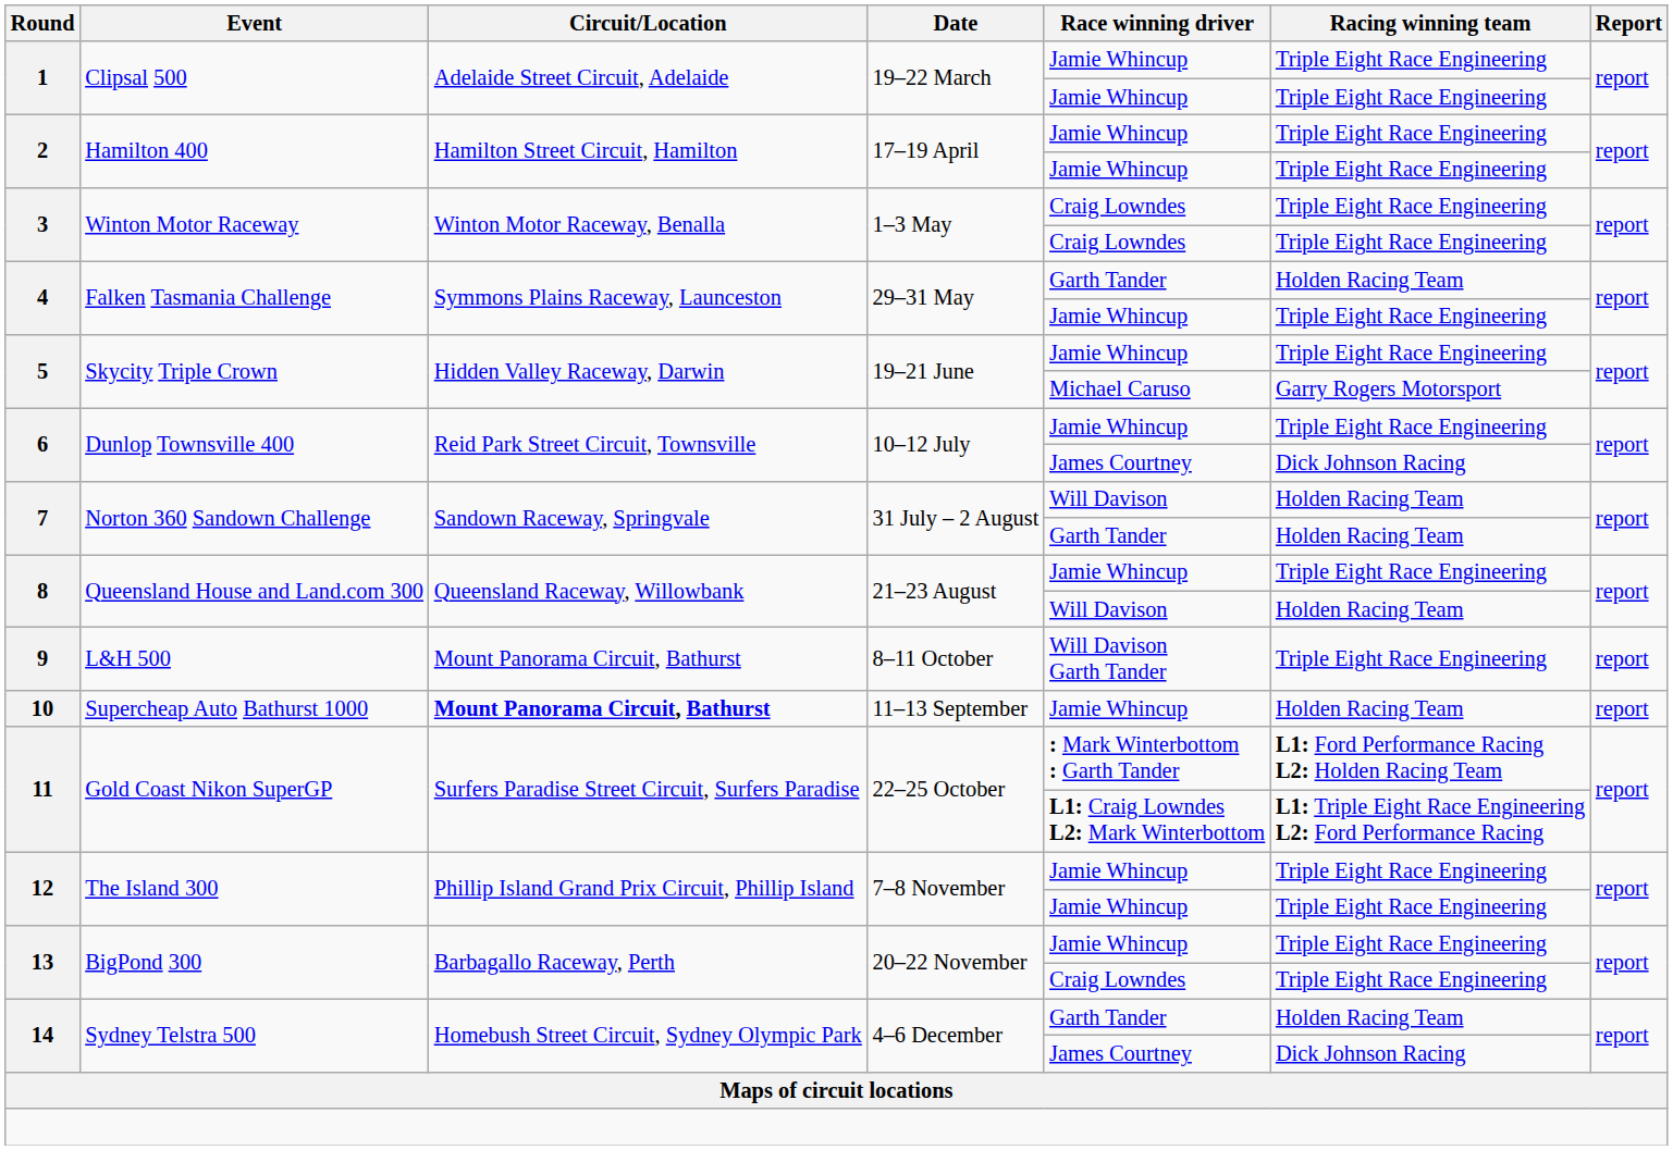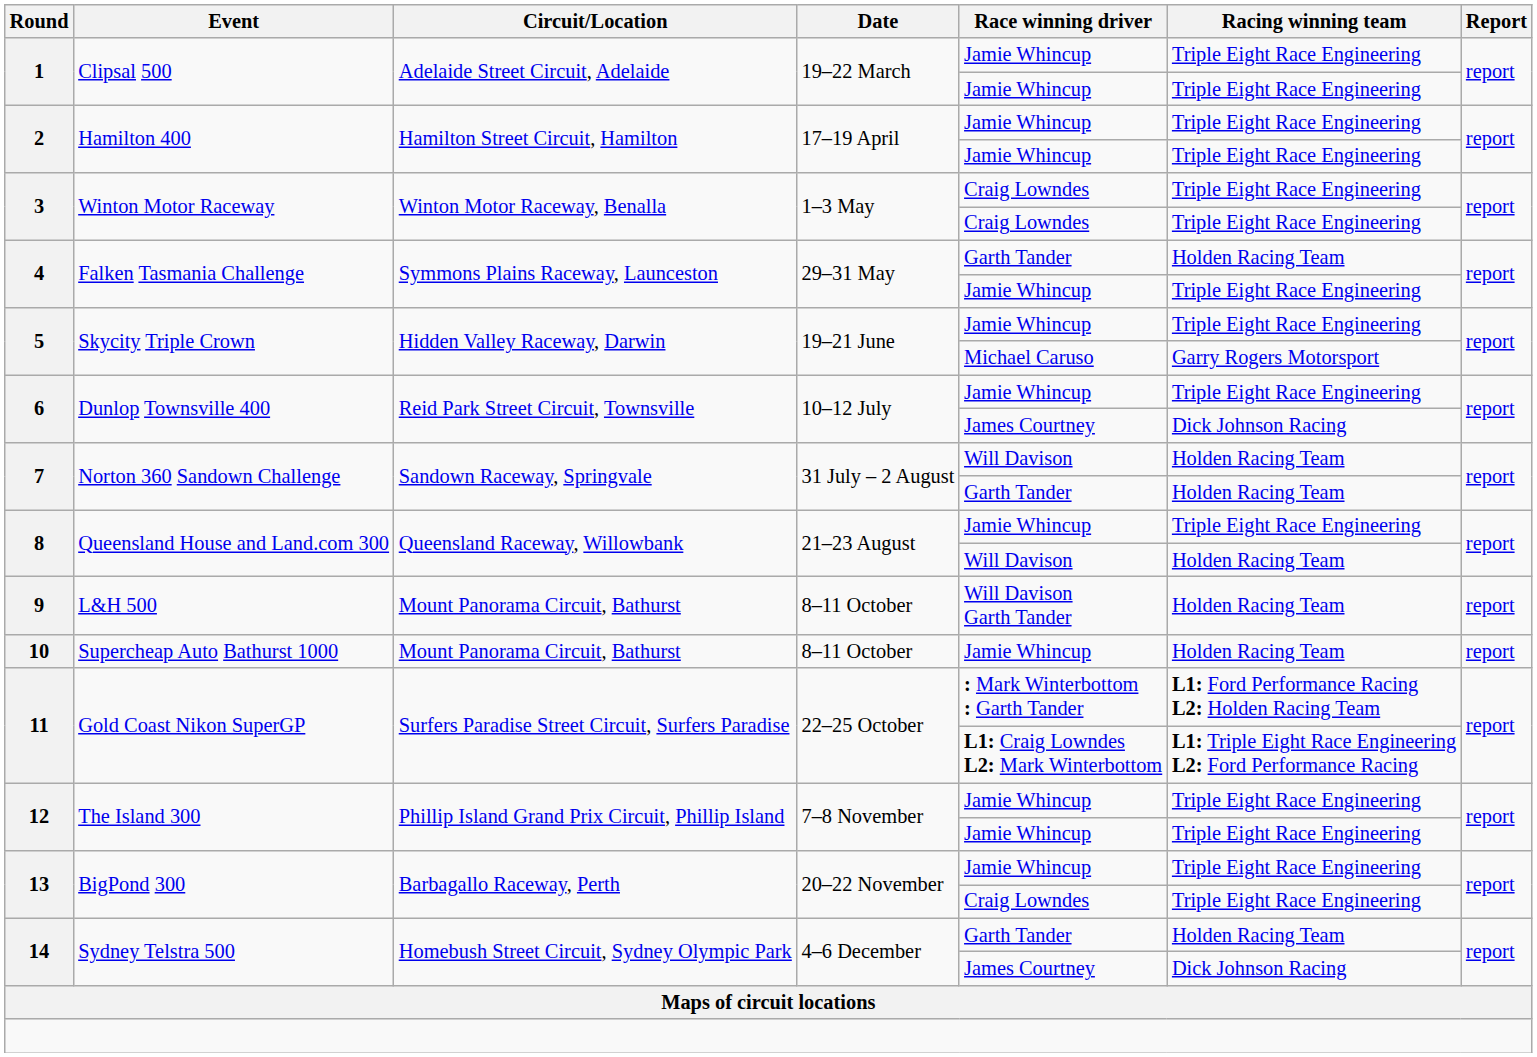 <table class="wikitable" style="font-size: 85%">
 <tr>
 <th>Round</th>
 <th>Event</th>
 <th>Circuit/Location</th>
 <th>Date</th>
 <th>Race winning driver</th>
 <th>Racing winning team</th>
 <th>Report</th>
 </tr>
 <tr>
 <th rowspan=2>1</th>
 <td rowspan=2> <a href='#'>Clipsal</a> <a href='#'>500</a></td>
 <td rowspan=2><a href='#'>Adelaide Street Circuit</a>, <a href='#'>Adelaide</a></td>
 <td rowspan=2>19–22 March</td>
 <td><a href='#'>Jamie Whincup</a></td>
 <td><a href='#'>Triple Eight Race Engineering</a></td>
 <td rowspan=2><a href='#'>report</a></td>
 </tr>
 <tr>
 <td><a href='#'>Jamie Whincup</a></td>
 <td><a href='#'>Triple Eight Race Engineering</a></td>
 </tr>
 <tr>
 <th rowspan=2>2</th>
 <td rowspan=2> <a href='#'>Hamilton 400</a></td>
 <td rowspan=2><a href='#'>Hamilton Street Circuit</a>, <a href='#'>Hamilton</a></td>
 <td rowspan=2>17–19 April</td>
 <td><a href='#'>Jamie Whincup</a></td>
 <td><a href='#'>Triple Eight Race Engineering</a></td>
 <td rowspan=2><a href='#'>report</a></td>
 </tr>
 <tr>
 <td><a href='#'>Jamie Whincup</a></td>
 <td><a href='#'>Triple Eight Race Engineering</a></td>
 </tr>
 <tr>
 <th rowspan=2>3</th>
 <td rowspan=2> <a href='#'>Winton Motor Raceway</a></td>
 <td rowspan=2><a href='#'>Winton Motor Raceway</a>, <a href='#'>Benalla</a></td>
 <td rowspan=2>1–3 May</td>
 <td><a href='#'>Craig Lowndes</a></td>
 <td><a href='#'>Triple Eight Race Engineering</a></td>
 <td rowspan=2><a href='#'>report</a></td>
 </tr>
 <tr>
 <td><a href='#'>Craig Lowndes</a></td>
 <td><a href='#'>Triple Eight Race Engineering</a></td>
 </tr>
 <tr>
 <th rowspan=2>4</th>
 <td rowspan=2> <a href='#'>Falken</a> <a href='#'>Tasmania Challenge</a></td>
 <td rowspan=2><a href='#'>Symmons Plains Raceway</a>, <a href='#'>Launceston</a></td>
 <td rowspan=2>29–31 May</td>
 <td><a href='#'>Garth Tander</a></td>
 <td><a href='#'>Holden Racing Team</a></td>
 <td rowspan=2><a href='#'>report</a></td>
 </tr>
 <tr>
 <td><a href='#'>Jamie Whincup</a></td>
 <td><a href='#'>Triple Eight Race Engineering</a></td>
 </tr>
 <tr>
 <th rowspan=2>5</th>
 <td rowspan=2> <a href='#'>Skycity</a> <a href='#'>Triple Crown</a></td>
 <td rowspan=2><a href='#'>Hidden Valley Raceway</a>, <a href='#'>Darwin</a></td>
 <td rowspan=2>19–21 June</td>
 <td><a href='#'>Jamie Whincup</a></td>
 <td><a href='#'>Triple Eight Race Engineering</a></td>
 <td rowspan=2><a href='#'>report</a></td>
 </tr>
 <tr>
 <td><a href='#'>Michael Caruso</a></td>
 <td><a href='#'>Garry Rogers Motorsport</a></td>
 </tr>
 <tr>
 <th rowspan=2>6</th>
 <td rowspan=2> <a href='#'>Dunlop</a> <a href='#'>Townsville 400</a></td>
 <td rowspan=2><a href='#'>Reid Park Street Circuit</a>, <a href='#'>Townsville</a></td>
 <td rowspan=2>10–12 July</td>
 <td><a href='#'>Jamie Whincup</a></td>
 <td><a href='#'>Triple Eight Race Engineering</a></td>
 <td rowspan=2><a href='#'>report</a></td>
 </tr>
 <tr>
 <td><a href='#'>James Courtney</a></td>
 <td><a href='#'>Dick Johnson Racing</a></td>
 </tr>
 <tr>
 <th rowspan=2>7</th>
 <td rowspan=2> <a href='#'>Norton 360</a> <a href='#'>Sandown Challenge</a></td>
 <td rowspan=2><a href='#'>Sandown Raceway</a>, <a href='#'>Springvale</a></td>
 <td rowspan=2>31 July – 2 August</td>
 <td><a href='#'>Will Davison</a></td>
 <td><a href='#'>Holden Racing Team</a></td>
 <td rowspan=2><a href='#'>report</a></td>
 </tr>
 <tr>
 <td><a href='#'>Garth Tander</a></td>
 <td><a href='#'>Holden Racing Team</a></td>
 </tr>
 <tr>
 <th rowspan=2>8</th>
 <td rowspan=2> <a href='#'>Queensland House and Land.com 300</a></td>
 <td rowspan=2><a href='#'>Queensland Raceway</a>, <a href='#'>Willowbank</a></td>
 <td rowspan=2>21–23 August</td>
 <td><a href='#'>Jamie Whincup</a></td>
 <td><a href='#'>Triple Eight Race Engineering</a></td>
 <td rowspan=2><a href='#'>report</a></td>
 </tr>
 <tr>
 <td><a href='#'>Will Davison</a></td>
 <td><a href='#'>Holden Racing Team</a></td>
 </tr>
 <tr>
 <th>9</th>
 <td> <a href='#'>L&H 500</a></td>
 <td><a href='#'>Mount Panorama Circuit</a>, <a href='#'>Bathurst</a></td>
 <td>8–11 October</td>
 <td><a href='#'>Will Davison</a><br><a href='#'>Garth Tander</a></td>
-<td><a href='#'>Triple Eight Race Engineering</a></td>
+<td><a href='#'>Holden Racing Team</a></td>
 <td><a href='#'>report</a></td>
 </tr>
 <tr>
 <th>10</th>
 <td> <a href='#'>Supercheap Auto</a> <a href='#'>Bathurst 1000</a></td>
-<td><strong><a href='#'>Mount Panorama Circuit</a>, <a href='#'>Bathurst</a></strong></td>
-<td>11–13 September</td>
+<td><a href='#'>Mount Panorama Circuit</a>, <a href='#'>Bathurst</a></td>
+<td>8–11 October</td>
 <td><a href='#'>Jamie Whincup</a></td>
 <td><a href='#'>Holden Racing Team</a></td>
 <td><a href='#'>report</a></td>
 </tr>
 <tr>
 <th rowspan=2>11</th>
 <td rowspan=2> <a href='#'>Gold Coast Nikon SuperGP</a></td>
 <td rowspan=2><a href='#'>Surfers Paradise Street Circuit</a>, <a href='#'>Surfers Paradise</a></td>
 <td rowspan=2>22–25 October</td>
 <td><strong>:</strong> <a href='#'>Mark Winterbottom</a><br><strong>:</strong> <a href='#'>Garth Tander</a></td>
 <td><strong>L1:</strong> <a href='#'>Ford Performance Racing</a><br><strong>L2:</strong> <a href='#'>Holden Racing Team</a></td>
 <td rowspan=2><a href='#'>report</a></td>
 </tr>
 <tr>
 <td><strong>L1:</strong> <a href='#'>Craig Lowndes</a><br><strong>L2:</strong> <a href='#'>Mark Winterbottom</a></td>
 <td><strong>L1:</strong> <a href='#'>Triple Eight Race Engineering</a><br><strong>L2:</strong> <a href='#'>Ford Performance Racing</a></td>
 </tr>
 <tr>
 <th rowspan=2>12</th>
 <td rowspan=2> <a href='#'>The Island 300</a></td>
 <td rowspan=2><a href='#'>Phillip Island Grand Prix Circuit</a>, <a href='#'>Phillip Island</a></td>
 <td rowspan=2>7–8 November</td>
 <td><a href='#'>Jamie Whincup</a></td>
 <td><a href='#'>Triple Eight Race Engineering</a></td>
 <td rowspan=2><a href='#'>report</a></td>
 </tr>
 <tr>
 <td><a href='#'>Jamie Whincup</a></td>
 <td><a href='#'>Triple Eight Race Engineering</a></td>
 </tr>
 <tr>
 <th rowspan=2>13</th>
 <td rowspan=2> <a href='#'>BigPond</a> <a href='#'>300</a></td>
 <td rowspan=2><a href='#'>Barbagallo Raceway</a>, <a href='#'>Perth</a></td>
 <td rowspan=2>20–22 November</td>
 <td><a href='#'>Jamie Whincup</a></td>
 <td><a href='#'>Triple Eight Race Engineering</a></td>
 <td rowspan=2><a href='#'>report</a></td>
 </tr>
 <tr>
 <td><a href='#'>Craig Lowndes</a></td>
 <td><a href='#'>Triple Eight Race Engineering</a></td>
 </tr>
 <tr>
 <th rowspan=2>14</th>
 <td rowspan=2> <a href='#'>Sydney Telstra 500</a></td>
 <td rowspan=2><a href='#'>Homebush Street Circuit</a>, <a href='#'>Sydney Olympic Park</a></td>
 <td rowspan=2>4–6 December</td>
 <td><a href='#'>Garth Tander</a></td>
 <td><a href='#'>Holden Racing Team</a></td>
 <td rowspan=2><a href='#'>report</a></td>
 </tr>
 <tr>
 <td><a href='#'>James Courtney</a></td>
 <td><a href='#'>Dick Johnson Racing</a></td>
 </tr>
 <tr>
 <th colspan=7>Maps of circuit locations</th>
 </tr>
 <tr>
 <td colspan=7><br>    </td>
 </tr>
 </table>
